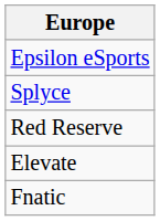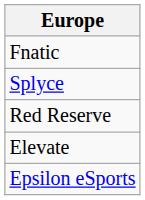 <table class="wikitable" style="display: inline-table; margin-left: 25px;">
 <tr>
 <th>Europe</th>
 </tr>
 <tr>
-<td><a href='#'>Epsilon eSports</a></td>
+<td>Fnatic</td>
 </tr>
 <tr>
 <td><a href='#'>Splyce</a></td>
 </tr>
 <tr>
 <td>Red Reserve</td>
 </tr>
 <tr>
 <td>Elevate</td>
 </tr>
 <tr>
-<td>Fnatic</td>
+<td><a href='#'>Epsilon eSports</a></td>
 </tr>
 </table>
